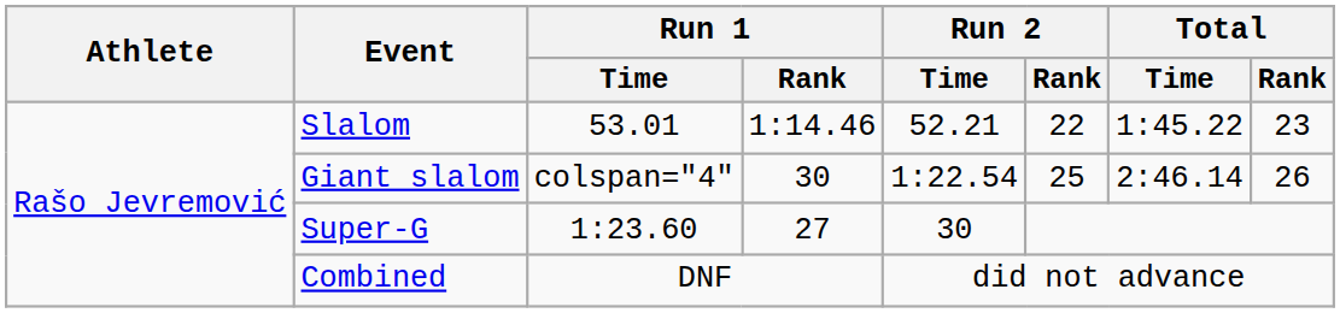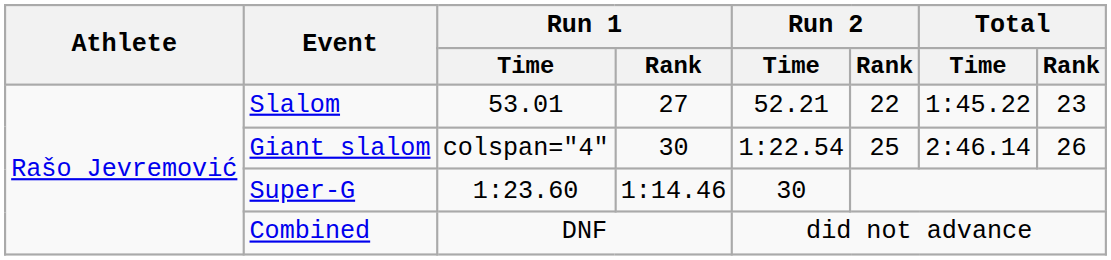 <table class="wikitable" style="font-size:90%">
 <tr>
 <th rowspan=2>Athlete</th>
 <th rowspan=2>Event</th>
 <th colspan=2>Run 1</th>
 <th colspan=2>Run 2</th>
 <th colspan=2>Total</th>
 </tr>
 <tr style="font-size:95%">
 <th>Time</th>
 <th>Rank</th>
 <th>Time</th>
 <th>Rank</th>
 <th>Time</th>
 <th>Rank</th>
 </tr>
 <tr align=center>
 <td align="left" rowspan="4"><a href='#'>Rašo Jevremović</a></td>
 <td align="left"><a href='#'>Slalom</a></td>
 <td>53.01</td>
-<td>1:14.46</td>
+<td>27</td>
 <td>52.21</td>
 <td>22</td>
 <td>1:45.22</td>
 <td>23</td>
 </tr>
 <tr align=center>
 <td align="left"><a href='#'>Giant slalom</a></td>
 <td>colspan="4" </td>
 <td>30</td>
 <td>1:22.54</td>
 <td>25</td>
 <td>2:46.14</td>
 <td>26</td>
 </tr>
 <tr align=center>
 <td align="left"><a href='#'>Super-G</a></td>
 <td>1:23.60</td>
-<td>27</td>
+<td>1:14.46</td>
 <td>30</td>
 </tr>
 <tr align=center>
 <td align="left"><a href='#'>Combined</a></td>
 <td colspan=2>DNF</td>
 <td colspan=4>did not advance</td>
 </tr>
 </table>
